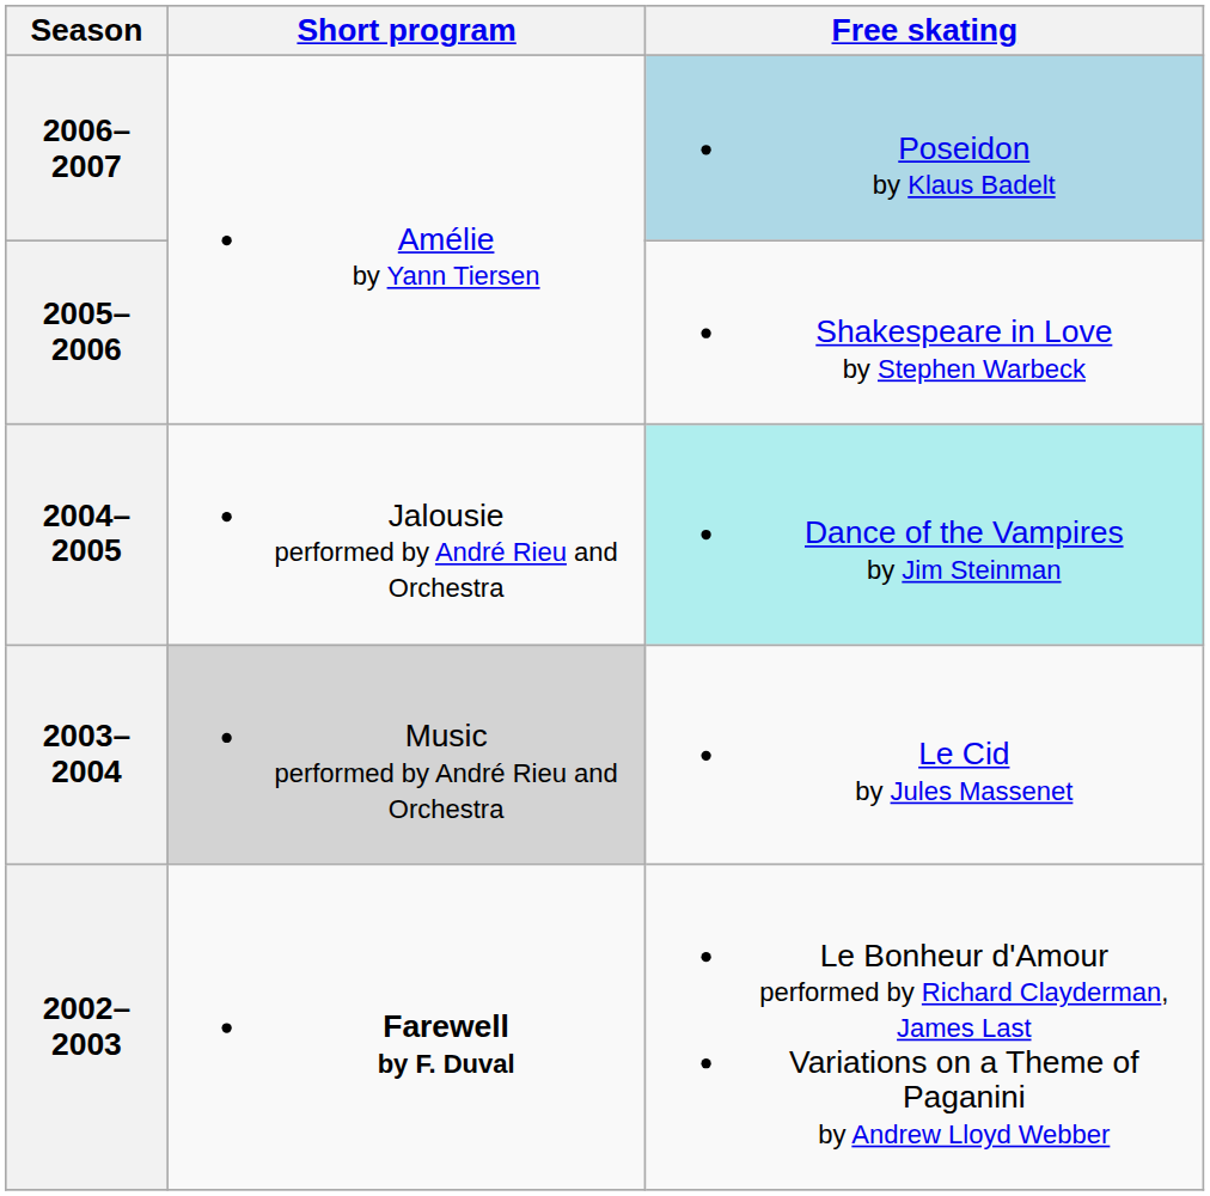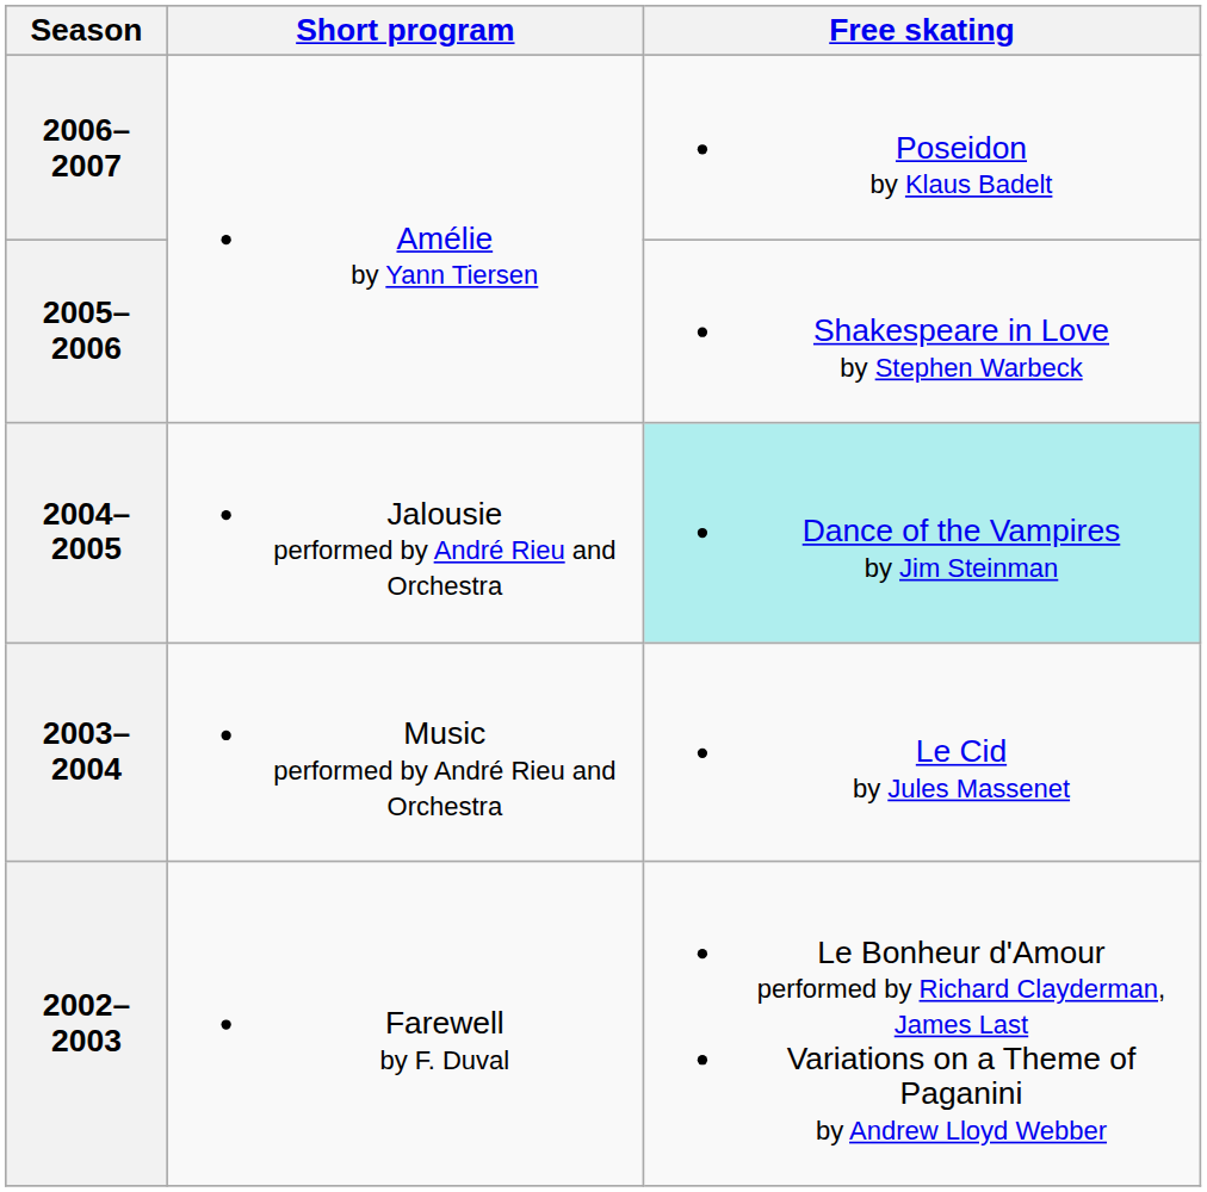 <table class="wikitable" style="text-align:center">
 <tr>
 <th>Season</th>
 <th><a href='#'>Short program</a></th>
 <th><a href='#'>Free skating</a></th>
 </tr>
 <tr>
 <th>2006–2007 <br> </th>
 <td rowspan=2><br><ul><li><a href='#'>Amélie</a> <br><small> by <a href='#'>Yann Tiersen</a> </small></li></ul></td>
-<td style="background: lightblue;"><br><ul><li><a href='#'>Poseidon</a> <br><small> by <a href='#'>Klaus Badelt</a> </small></li></ul></td>
+<td><br><ul><li><a href='#'>Poseidon</a> <br><small> by <a href='#'>Klaus Badelt</a> </small></li></ul></td>
 </tr>
 <tr>
 <th>2005–2006 <br> </th>
 <td><br><ul><li><a href='#'>Shakespeare in Love</a> <br><small> by <a href='#'>Stephen Warbeck</a> </small></li></ul></td>
 </tr>
 <tr>
 <th>2004–2005 <br> </th>
 <td><br><ul><li>Jalousie <br><small> performed by <a href='#'>André Rieu</a> and Orchestra </small></li></ul></td>
 <td style="background: paleturquoise;"><br><ul><li><a href='#'>Dance of the Vampires</a> <br><small> by <a href='#'>Jim Steinman</a> </small></li></ul></td>
 </tr>
 <tr>
 <th>2003–2004 <br> </th>
-<td style="background: lightgrey;"><br><ul><li>Music <br><small> performed by André Rieu and Orchestra </small></li></ul></td>
+<td><br><ul><li>Music <br><small> performed by André Rieu and Orchestra </small></li></ul></td>
 <td><br><ul><li><a href='#'>Le Cid</a> <br><small> by <a href='#'>Jules Massenet</a> </small></li></ul></td>
 </tr>
 <tr>
 <th>2002–2003 <br> </th>
-<td><strong><br><ul><li>Farewell <br><small> by F. Duval </small></li></ul></strong></td>
+<td><br><ul><li>Farewell <br><small> by F. Duval </small></li></ul></td>
 <td><br><ul><li>Le Bonheur d'Amour <br><small> performed by <a href='#'>Richard Clayderman</a>, <a href='#'>James Last</a> </small></li><li>Variations on a Theme of Paganini <br><small> by <a href='#'>Andrew Lloyd Webber</a> </small></li></ul></td>
 </tr>
 </table>
